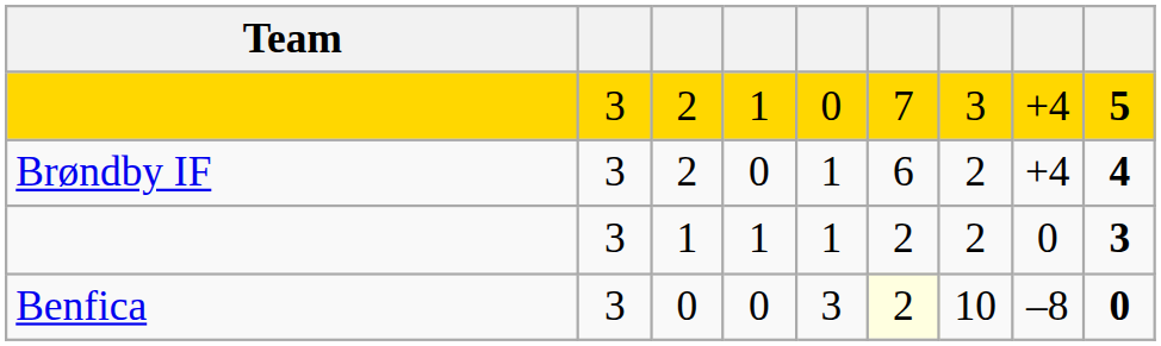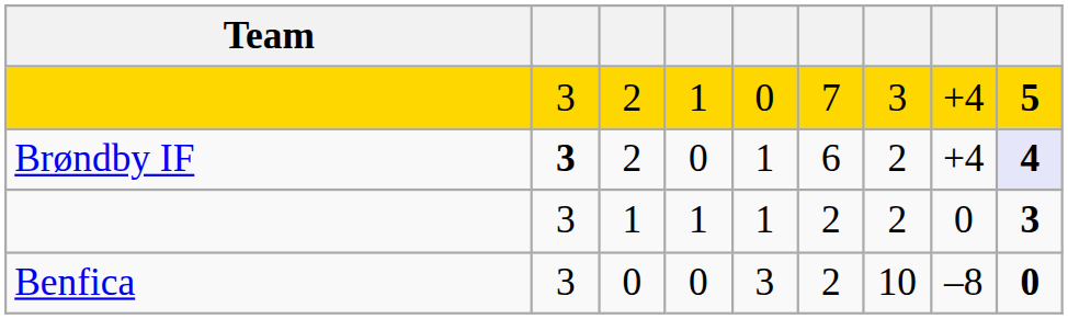 <table class="wikitable" style="text-align:center;">
 <tr>
 <th width="210">Team</th>
 <th width="20"></th>
 <th width="20"></th>
 <th width="20"></th>
 <th width="20"></th>
 <th width="20"></th>
 <th width="20"></th>
 <th width="20"></th>
 <th width="20"></th>
 </tr>
 <tr bgcolor=gold>
 <td align="left"></td>
 <td>3</td>
 <td>2</td>
 <td>1</td>
 <td>0</td>
 <td>7</td>
 <td>3</td>
 <td>+4</td>
 <td><strong>5</strong></td>
 </tr>
 <tr>
 <td align="left"> <a href='#'>Brøndby IF</a></td>
-<td>3</td>
+<td><strong>3</strong></td>
 <td>2</td>
 <td>0</td>
 <td>1</td>
 <td>6</td>
 <td>2</td>
 <td>+4</td>
-<td><strong>4</strong></td>
+<td style="background: lavender;"><strong>4</strong></td>
 </tr>
 <tr>
 <td align="left"></td>
 <td>3</td>
 <td>1</td>
 <td>1</td>
 <td>1</td>
 <td>2</td>
 <td>2</td>
 <td>0</td>
 <td><strong>3</strong></td>
 </tr>
 <tr>
 <td align="left"> <a href='#'>Benfica</a></td>
 <td>3</td>
 <td>0</td>
 <td>0</td>
 <td>3</td>
-<td style="background: lightyellow;">2</td>
+<td>2</td>
 <td>10</td>
 <td>–8</td>
 <td><strong>0</strong></td>
 </tr>
 </table>
